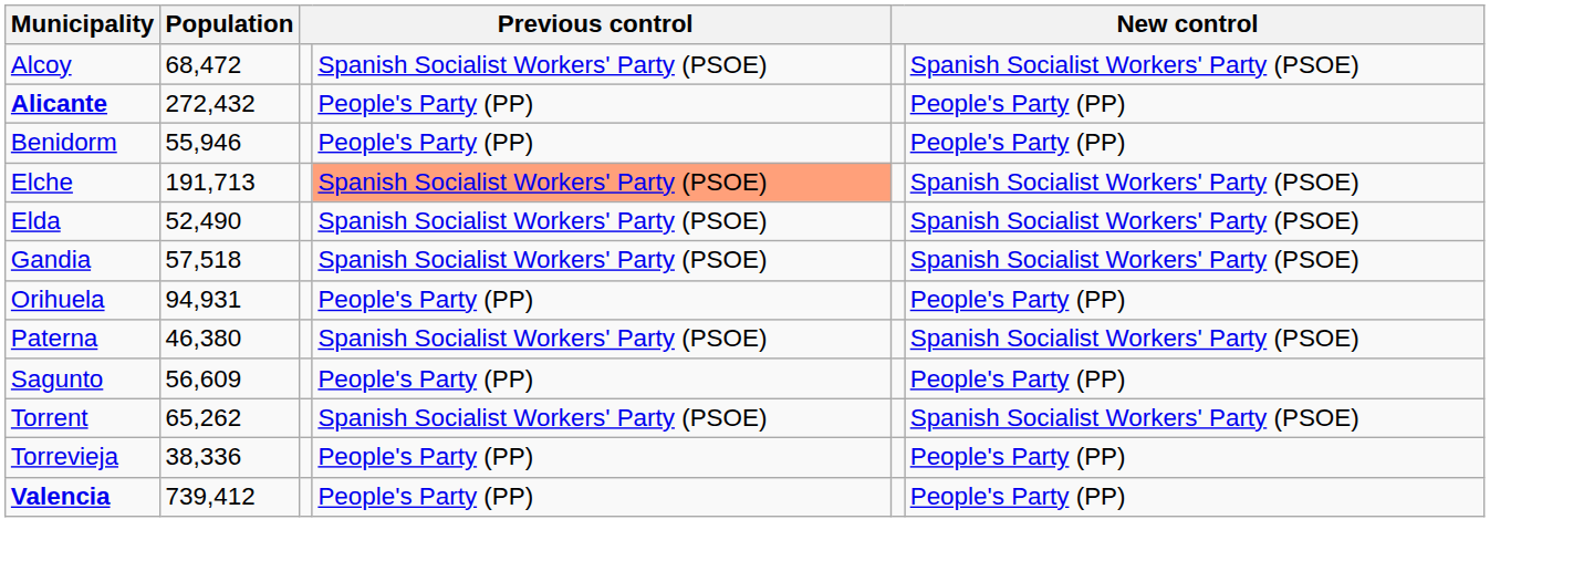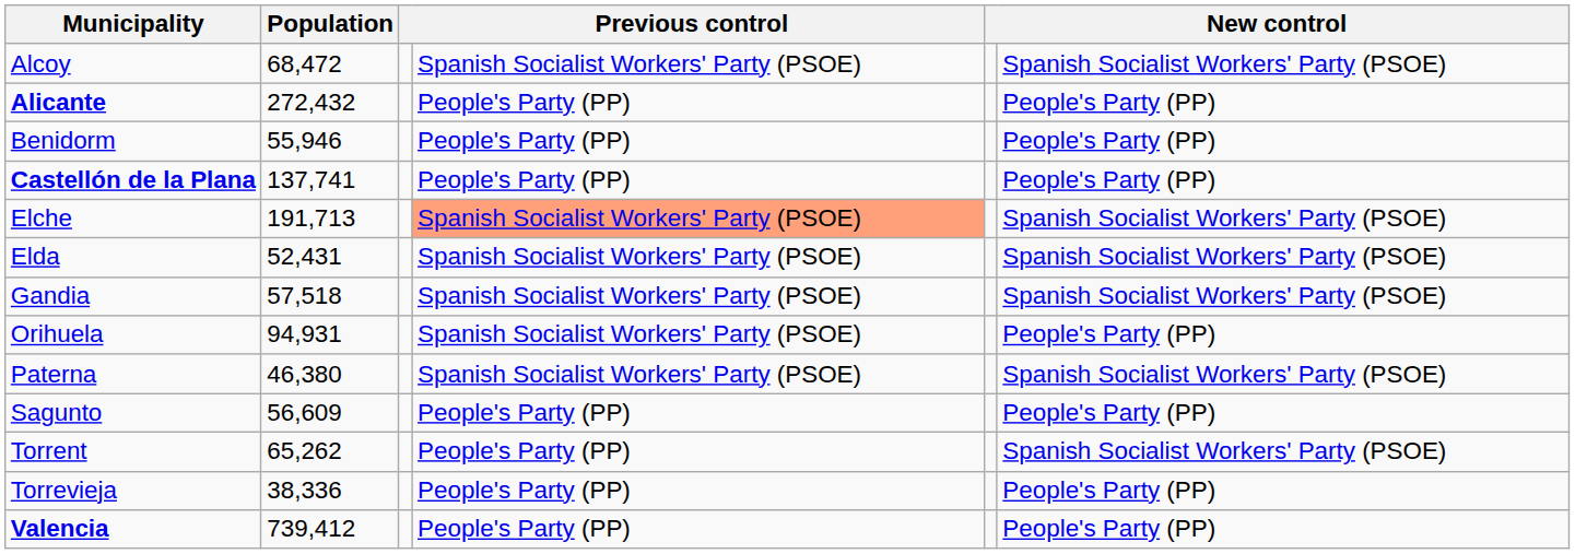 <table class="wikitable sortable">
 <tr>
 <th>Municipality</th>
 <th>Population</th>
 <th colspan="2" style="width:375px;">Previous control</th>
 <th colspan="2" style="width:375px;">New control</th>
 </tr>
 <tr>
 <td><a href='#'>Alcoy</a></td>
 <td>68,472</td>
 <td width="1" style="color:inherit;background:"></td>
 <td><a href='#'>Spanish Socialist Workers' Party</a> (PSOE)</td>
 <td width="1" style="color:inherit;background:"></td>
 <td><a href='#'>Spanish Socialist Workers' Party</a> (PSOE) </td>
 </tr>
 <tr>
 <td><strong><a href='#'>Alicante</a></strong></td>
 <td>272,432</td>
 <td style="color:inherit;background:"></td>
 <td><a href='#'>People's Party</a> (PP)</td>
 <td style="color:inherit;background:"></td>
 <td><a href='#'>People's Party</a> (PP)</td>
 </tr>
 <tr>
 <td><a href='#'>Benidorm</a></td>
 <td>55,946</td>
 <td style="color:inherit;background:"></td>
 <td><a href='#'>People's Party</a> (PP)</td>
 <td style="color:inherit;background:"></td>
 <td><a href='#'>People's Party</a> (PP)</td>
 </tr>
 <tr>
+<td><strong><a href='#'>Castellón de la Plana</a></strong></td>
+<td>137,741</td>
+<td style="color:inherit;background:"></td>
+<td><a href='#'>People's Party</a> (PP)</td>
+<td style="color:inherit;background:"></td>
+<td><a href='#'>People's Party</a> (PP)</td>
+</tr>
+<tr>
 <td><a href='#'>Elche</a></td>
 <td>191,713</td>
 <td style="color:inherit;background:"></td>
 <td style="background: lightsalmon;"><a href='#'>Spanish Socialist Workers' Party</a> (PSOE)</td>
 <td style="color:inherit;background:"></td>
 <td><a href='#'>Spanish Socialist Workers' Party</a> (PSOE)</td>
 </tr>
 <tr>
 <td><a href='#'>Elda</a></td>
-<td>52,490</td>
+<td>52,431</td>
 <td style="color:inherit;background:"></td>
 <td><a href='#'>Spanish Socialist Workers' Party</a> (PSOE)</td>
 <td style="color:inherit;background:"></td>
 <td><a href='#'>Spanish Socialist Workers' Party</a> (PSOE)</td>
 </tr>
 <tr>
 <td><a href='#'>Gandia</a></td>
 <td>57,518</td>
 <td style="color:inherit;background:"></td>
 <td><a href='#'>Spanish Socialist Workers' Party</a> (PSOE)</td>
 <td style="color:inherit;background:"></td>
 <td><a href='#'>Spanish Socialist Workers' Party</a> (PSOE)</td>
 </tr>
 <tr>
 <td><a href='#'>Orihuela</a></td>
 <td>94,931</td>
 <td style="color:inherit;background:"></td>
-<td><a href='#'>People's Party</a> (PP)</td>
+<td><a href='#'>Spanish Socialist Workers' Party</a> (PSOE)</td>
 <td style="color:inherit;background:"></td>
 <td><a href='#'>People's Party</a> (PP)</td>
 </tr>
 <tr>
 <td><a href='#'>Paterna</a></td>
 <td>46,380</td>
 <td style="color:inherit;background:"></td>
 <td><a href='#'>Spanish Socialist Workers' Party</a> (PSOE)</td>
 <td style="color:inherit;background:"></td>
 <td><a href='#'>Spanish Socialist Workers' Party</a> (PSOE)</td>
 </tr>
 <tr>
 <td><a href='#'>Sagunto</a></td>
 <td>56,609</td>
 <td style="color:inherit;background:"></td>
 <td><a href='#'>People's Party</a> (PP)</td>
 <td style="color:inherit;background:"></td>
 <td><a href='#'>People's Party</a> (PP)</td>
 </tr>
 <tr>
 <td><a href='#'>Torrent</a></td>
 <td>65,262</td>
 <td style="color:inherit;background:"></td>
-<td><a href='#'>Spanish Socialist Workers' Party</a> (PSOE)</td>
+<td><a href='#'>People's Party</a> (PP)</td>
 <td style="color:inherit;background:"></td>
 <td><a href='#'>Spanish Socialist Workers' Party</a> (PSOE)</td>
 </tr>
 <tr>
 <td><a href='#'>Torrevieja</a></td>
 <td>38,336</td>
 <td style="color:inherit;background:"></td>
 <td><a href='#'>People's Party</a> (PP)</td>
 <td style="color:inherit;background:"></td>
 <td><a href='#'>People's Party</a> (PP)</td>
 </tr>
 <tr>
 <td><strong><a href='#'>Valencia</a></strong></td>
 <td>739,412</td>
 <td style="color:inherit;background:"></td>
 <td><a href='#'>People's Party</a> (PP)</td>
 <td style="color:inherit;background:"></td>
 <td><a href='#'>People's Party</a> (PP)</td>
 </tr>
 </table>
